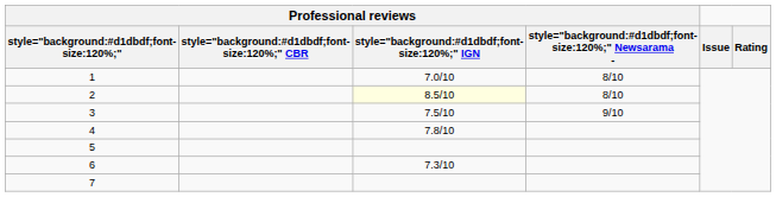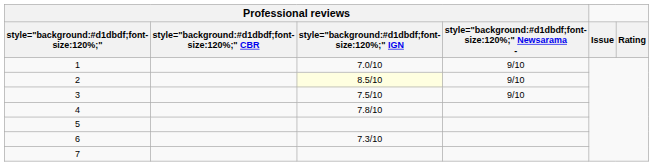 <table class="wikitable floatright" style="width:24.2em; font-size: 80%; text-align: center;">
 <tr>
 <th colspan="4" style="font-size:120%;">Professional reviews</th>
 </tr>
 <tr>
 <th>style="background:#d1dbdf;font-size:120%;" </th>
 <th>style="background:#d1dbdf;font-size:120%;"  <a href='#'>CBR</a></th>
 <th>style="background:#d1dbdf;font-size:120%;"  <a href='#'>IGN</a></th>
 <th>style="background:#d1dbdf;font-size:120%;"  <a href='#'>Newsarama</a><br>-</th>
 <th>Issue</th>
 <th colspan="3">Rating</th>
 </tr>
 <tr>
 <td>1</td>
 <td></td>
 <td>7.0/10</td>
-<td>8/10</td>
+<td>9/10</td>
 </tr>
 <tr>
 <td>2</td>
 <td></td>
 <td style="background: lightyellow;">8.5/10</td>
-<td>8/10</td>
+<td>9/10</td>
 </tr>
 <tr>
 <td>3</td>
 <td></td>
 <td>7.5/10</td>
 <td>9/10</td>
 </tr>
 <tr>
 <td>4</td>
 <td></td>
 <td>7.8/10</td>
 <td></td>
 </tr>
 <tr>
 <td>5</td>
 <td></td>
 <td></td>
 <td></td>
 </tr>
 <tr>
 <td>6</td>
 <td></td>
 <td>7.3/10</td>
 <td></td>
 </tr>
 <tr>
 <td>7</td>
 <td></td>
 <td></td>
 <td></td>
 </tr>
 </table>
